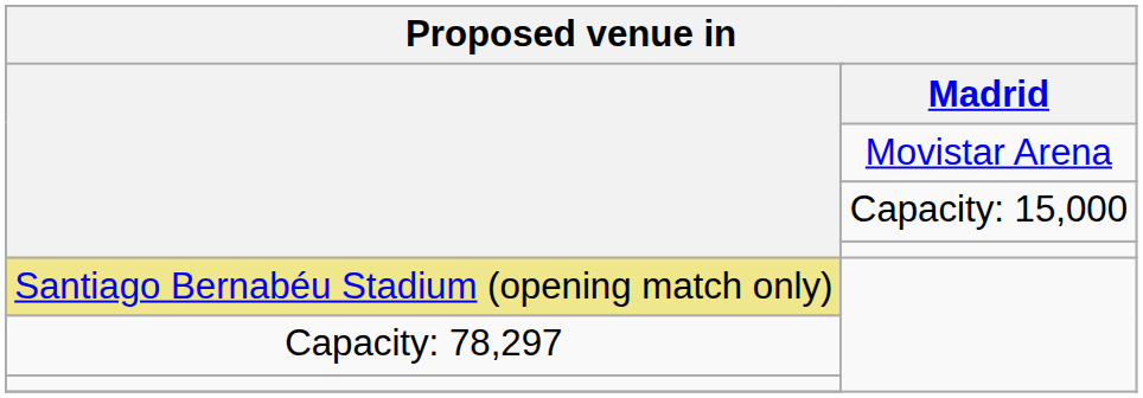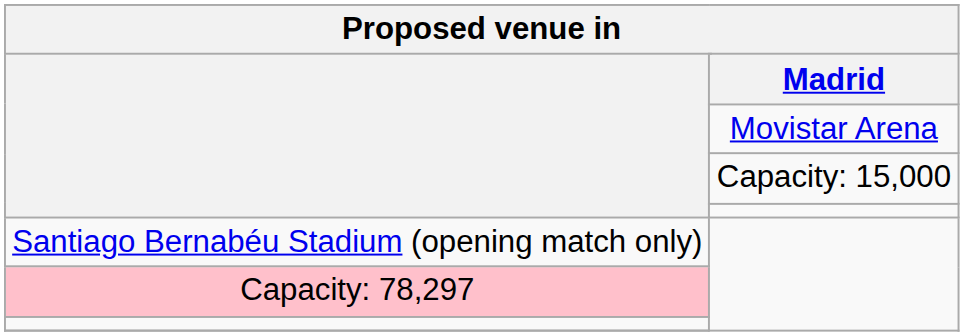 <table class="wikitable" style="text-align:center">
 <tr>
 <th colspan="3">Proposed venue in </th>
 </tr>
 <tr>
 <th rowspan="4" colspan="2"></th>
 <th><a href='#'>Madrid</a></th>
 </tr>
 <tr>
 <td><a href='#'>Movistar Arena</a></td>
 </tr>
 <tr>
 <td>Capacity: 15,000</td>
 </tr>
 <tr>
 <td></td>
 </tr>
 <tr>
-<td style="background: khaki;"><a href='#'>Santiago Bernabéu Stadium</a> (opening match only)</td>
+<td><a href='#'>Santiago Bernabéu Stadium</a> (opening match only)</td>
 </tr>
 <tr>
-<td>Capacity: 78,297</td>
+<td style="background: pink;">Capacity: 78,297</td>
 </tr>
 <tr>
 <td></td>
 </tr>
 <tr>
 </tr>
 </table>
